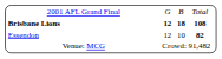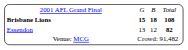 <table style="margin-right:4px; margin-left:4px; margin-top:8px; float:right; border:1px #000 solid; border-radius:8px; background:#fff; font-family:Verdana; font-size:8pt; text-align:center;">
 <tr>
 <td width="200"><a href='#'>2001 AFL Grand Final</a></td>
 <td><em>G</em></td>
 <td><em>B</em></td>
 <td><em>Total</em></td>
 </tr>
 <tr>
 <td style="text-align:left"><strong>Brisbane Lions</strong></td>
-<td><strong>12</strong></td>
+<td><strong>15</strong></td>
 <td><strong>18</strong></td>
 <td><strong>108</strong></td>
 </tr>
 <tr>
 <td style="text-align:left"><a href='#'>Essendon</a></td>
+<td>13</td>
 <td>12</td>
-<td>10</td>
 <td><strong>82</strong></td>
 </tr>
 <tr>
 <td>Venue: <a href='#'>MCG</a></td>
 <td colspan="3">Crowd: 91,482</td>
 <td colspan="3"></td>
 </tr>
 </table>
